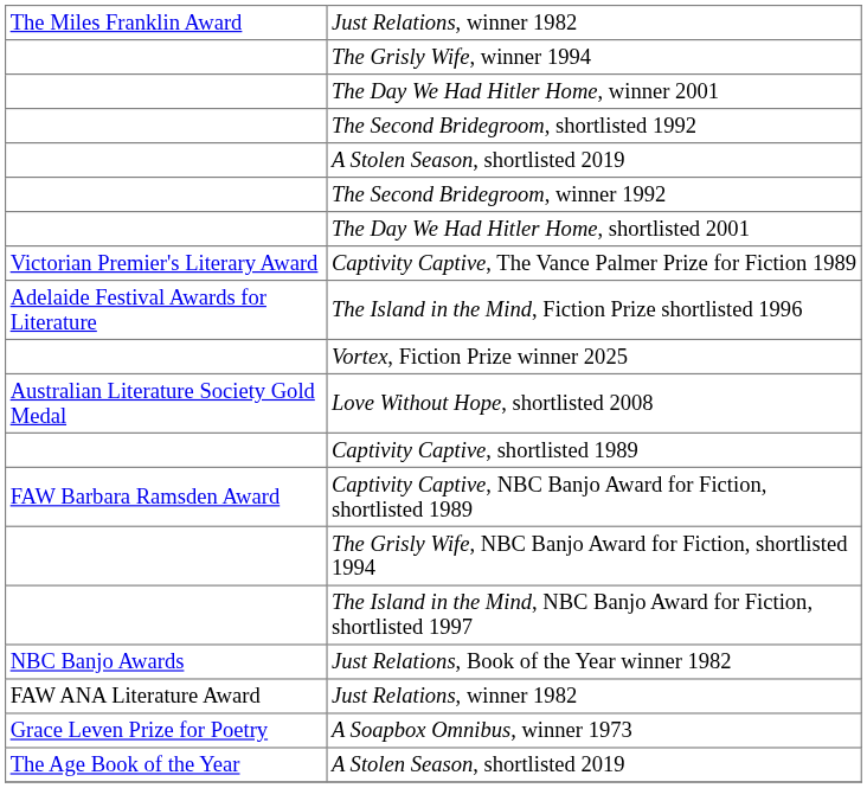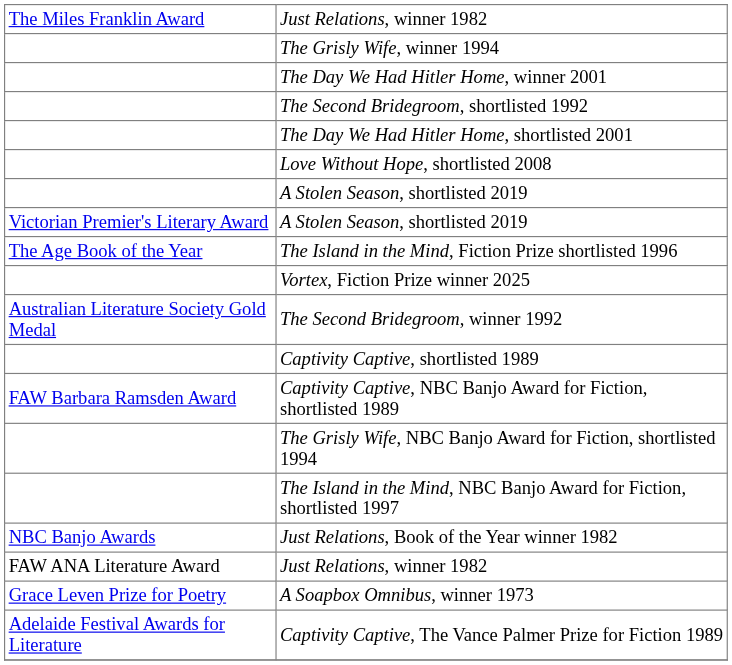 <table border="1" cellpadding="3" style="border-collapse:collapse;">
 <tr>
 <td><a href='#'>The Miles Franklin Award</a></td>
 <td><em>Just Relations</em>, winner 1982</td>
 </tr>
 <tr>
 <td></td>
 <td><em>The Grisly Wife</em>, winner 1994</td>
 </tr>
 <tr>
 <td></td>
 <td><em>The Day We Had Hitler Home</em>, winner 2001</td>
 </tr>
 <tr>
 <td></td>
 <td><em>The Second Bridegroom</em>, shortlisted 1992</td>
 </tr>
 <tr>
 <td></td>
+<td><em>The Day We Had Hitler Home</em>, shortlisted 2001</td>
+</tr>
+<tr>
+<td></td>
+<td><em>Love Without Hope</em>, shortlisted 2008</td>
+</tr>
+<tr>
+<td></td>
 <td><em>A Stolen Season</em>, shortlisted 2019</td>
 </tr>
 <tr>
-<td></td>
-<td><em>The Second Bridegroom</em>, winner 1992</td>
+<td><a href='#'>Victorian Premier's Literary Award</a></td>
+<td><em>A Stolen Season</em>, shortlisted 2019</td>
 </tr>
 <tr>
-<td></td>
-<td><em>The Day We Had Hitler Home</em>, shortlisted 2001</td>
-</tr>
-<tr>
-<td><a href='#'>Victorian Premier's Literary Award</a></td>
-<td><em>Captivity Captive</em>, The Vance Palmer Prize for Fiction 1989</td>
-</tr>
-<tr>
-<td><a href='#'>Adelaide Festival Awards for Literature</a></td>
+<td><a href='#'>The Age Book of the Year</a></td>
 <td><em>The Island in the Mind</em>, Fiction Prize shortlisted 1996</td>
 </tr>
 <tr>
 <td></td>
 <td><em>Vortex</em>, Fiction Prize winner 2025</td>
 </tr>
 <tr>
 <td><a href='#'>Australian Literature Society Gold Medal</a></td>
-<td><em>Love Without Hope</em>, shortlisted 2008</td>
+<td><em>The Second Bridegroom</em>, winner 1992</td>
 </tr>
 <tr>
 <td></td>
 <td><em>Captivity Captive</em>, shortlisted 1989</td>
 </tr>
 <tr>
 <td><a href='#'>FAW Barbara Ramsden Award</a></td>
 <td><em>Captivity Captive</em>, NBC Banjo Award for Fiction, shortlisted 1989</td>
 </tr>
 <tr>
 <td></td>
 <td><em>The Grisly Wife</em>, NBC Banjo Award for Fiction, shortlisted 1994</td>
 </tr>
 <tr>
 <td></td>
 <td><em>The Island in the Mind</em>, NBC Banjo Award for Fiction, shortlisted 1997</td>
 </tr>
 <tr>
 <td><a href='#'>NBC Banjo Awards</a></td>
 <td><em>Just Relations</em>, Book of the Year winner 1982</td>
 </tr>
 <tr>
 <td>FAW ANA Literature Award</td>
 <td><em>Just Relations</em>, winner 1982</td>
 </tr>
 <tr>
 <td><a href='#'>Grace Leven Prize for Poetry</a></td>
 <td><em>A Soapbox Omnibus</em>, winner 1973</td>
 </tr>
 <tr>
-<td><a href='#'>The Age Book of the Year</a></td>
-<td><em>A Stolen Season</em>, shortlisted 2019</td>
+<td><a href='#'>Adelaide Festival Awards for Literature</a></td>
+<td><em>Captivity Captive</em>, The Vance Palmer Prize for Fiction 1989</td>
 </tr>
 <tr>
 </tr>
 </table>
